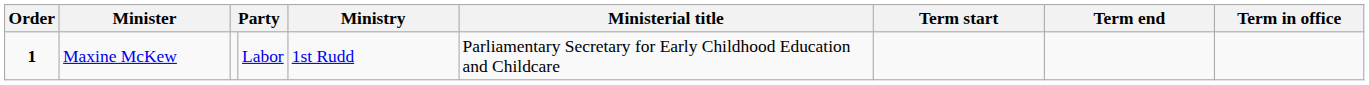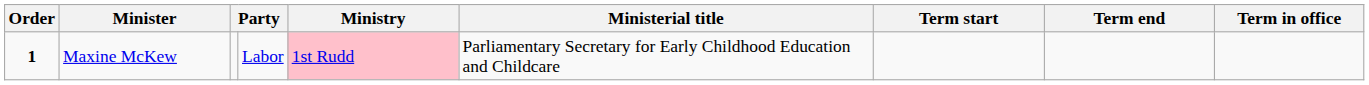 <table class="wikitable">
 <tr>
 <th width=5>Order</th>
 <th width=150>Minister</th>
 <th width=75 colspan=2>Party</th>
 <th width=150>Ministry</th>
 <th width=375>Ministerial title</th>
 <th width=150>Term start</th>
 <th width=150>Term end</th>
 <th width=130>Term in office</th>
 </tr>
 <tr>
 <td align=center><strong>1</strong></td>
 <td><a href='#'>Maxine McKew</a></td>
 <td></td>
 <td><a href='#'>Labor</a></td>
-<td><a href='#'>1st Rudd</a></td>
+<td style="background: pink;"><a href='#'>1st Rudd</a></td>
 <td>Parliamentary Secretary for Early Childhood Education and Childcare</td>
 <td align=center></td>
 <td align=center></td>
 <td align=right><strong></strong></td>
 </tr>
 </table>
